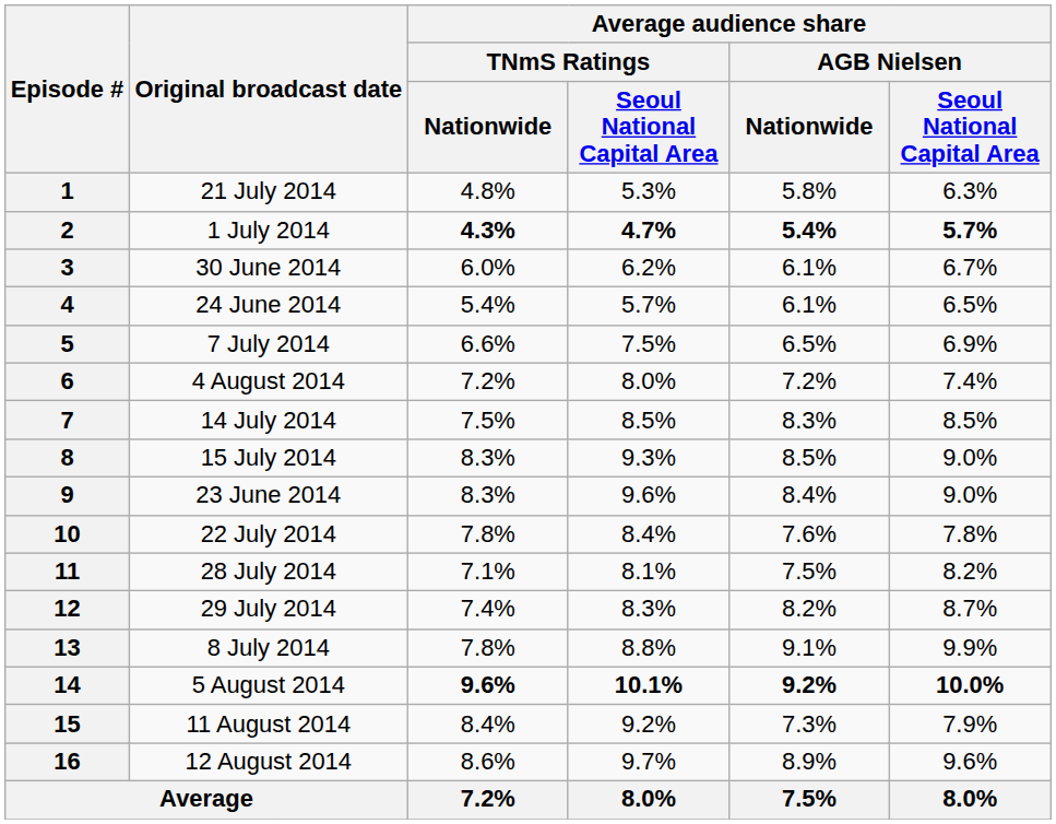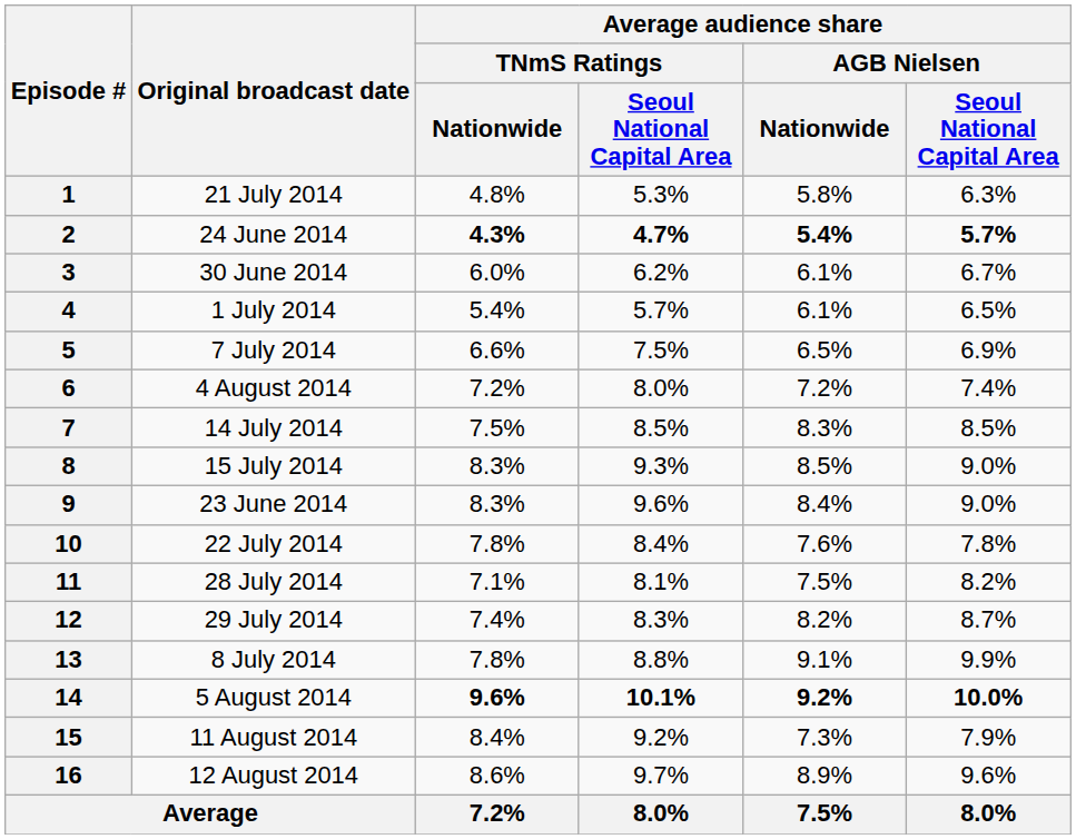 <table class=wikitable style="text-align:center">
 <tr>
 <th rowspan="3">Episode #</th>
 <th rowspan="3">Original broadcast date</th>
 <th colspan="4">Average audience share</th>
 </tr>
 <tr>
 <th colspan="2">TNmS Ratings</th>
 <th colspan="2">AGB Nielsen</th>
 </tr>
 <tr>
 <th width=100>Nationwide</th>
 <th width=100><a href='#'>Seoul National Capital Area</a></th>
 <th width=100>Nationwide</th>
 <th width=100><a href='#'>Seoul National Capital Area</a></th>
 </tr>
 <tr>
 <th>1</th>
 <td>21 July 2014</td>
 <td>4.8%</td>
 <td>5.3%</td>
 <td>5.8%</td>
 <td>6.3%</td>
 </tr>
 <tr>
 <th>2</th>
-<td>1 July 2014</td>
+<td>24 June 2014</td>
 <td><span><strong>4.3%</strong></span></td>
 <td><span><strong>4.7%</strong></span></td>
 <td><span><strong>5.4%</strong></span></td>
 <td><span><strong>5.7%</strong></span></td>
 </tr>
 <tr>
 <th>3</th>
 <td>30 June 2014</td>
 <td>6.0%</td>
 <td>6.2%</td>
 <td>6.1%</td>
 <td>6.7%</td>
 </tr>
 <tr>
 <th>4</th>
-<td>24 June 2014</td>
+<td>1 July 2014</td>
 <td>5.4%</td>
 <td>5.7%</td>
 <td>6.1%</td>
 <td>6.5%</td>
 </tr>
 <tr>
 <th>5</th>
 <td>7 July 2014</td>
 <td>6.6%</td>
 <td>7.5%</td>
 <td>6.5%</td>
 <td>6.9%</td>
 </tr>
 <tr>
 <th>6</th>
 <td>4 August 2014</td>
 <td>7.2%</td>
 <td>8.0%</td>
 <td>7.2%</td>
 <td>7.4%</td>
 </tr>
 <tr>
 <th>7</th>
 <td>14 July 2014</td>
 <td>7.5%</td>
 <td>8.5%</td>
 <td>8.3%</td>
 <td>8.5%</td>
 </tr>
 <tr>
 <th>8</th>
 <td>15 July 2014</td>
 <td>8.3%</td>
 <td>9.3%</td>
 <td>8.5%</td>
 <td>9.0%</td>
 </tr>
 <tr>
 <th>9</th>
 <td>23 June 2014</td>
 <td>8.3%</td>
 <td>9.6%</td>
 <td>8.4%</td>
 <td>9.0%</td>
 </tr>
 <tr>
 <th>10</th>
 <td>22 July 2014</td>
 <td>7.8%</td>
 <td>8.4%</td>
 <td>7.6%</td>
 <td>7.8%</td>
 </tr>
 <tr>
 <th>11</th>
 <td>28 July 2014</td>
 <td>7.1%</td>
 <td>8.1%</td>
 <td>7.5%</td>
 <td>8.2%</td>
 </tr>
 <tr>
 <th>12</th>
 <td>29 July 2014</td>
 <td>7.4%</td>
 <td>8.3%</td>
 <td>8.2%</td>
 <td>8.7%</td>
 </tr>
 <tr>
 <th>13</th>
 <td>8 July 2014</td>
 <td>7.8%</td>
 <td>8.8%</td>
 <td>9.1%</td>
 <td>9.9%</td>
 </tr>
 <tr>
 <th>14</th>
 <td>5 August 2014</td>
 <td><span><strong>9.6%</strong></span></td>
 <td><span><strong>10.1%</strong></span></td>
 <td><span><strong>9.2%</strong></span></td>
 <td><span><strong>10.0%</strong></span></td>
 </tr>
 <tr>
 <th>15</th>
 <td>11 August 2014</td>
 <td>8.4%</td>
 <td>9.2%</td>
 <td>7.3%</td>
 <td>7.9%</td>
 </tr>
 <tr>
 <th>16</th>
 <td>12 August 2014</td>
 <td>8.6%</td>
 <td>9.7%</td>
 <td>8.9%</td>
 <td>9.6%</td>
 </tr>
 <tr>
 <th colspan=2>Average</th>
 <th>7.2%</th>
 <th>8.0%</th>
 <th>7.5%</th>
 <th>8.0%</th>
 </tr>
 </table>
